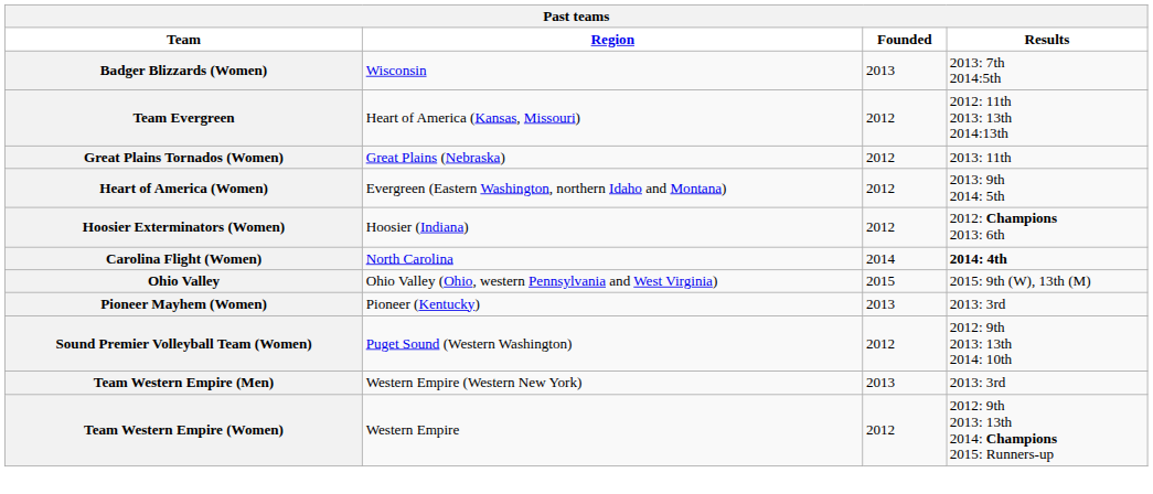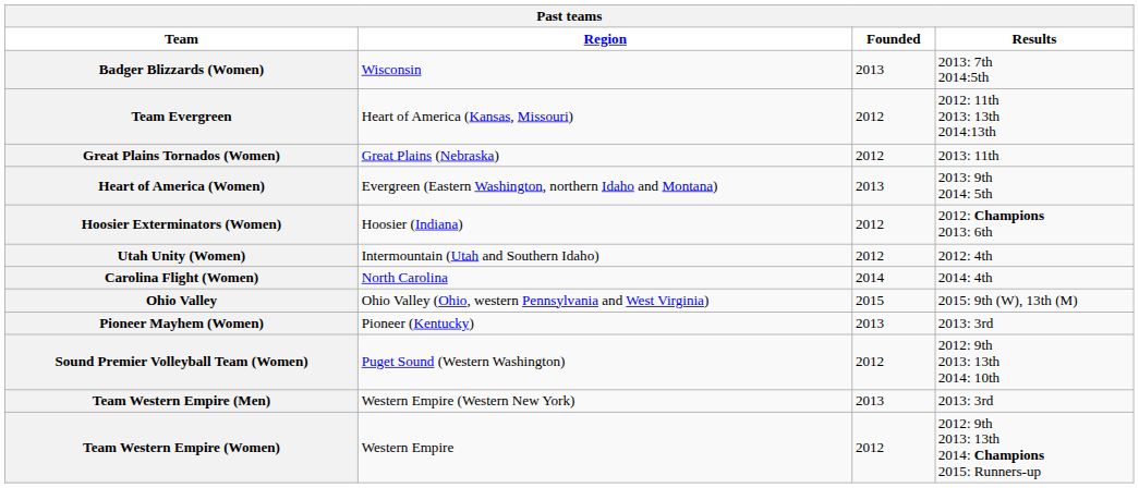 <table class="wikitable" style="width:100%">
 <tr>
 <th colspan=4><strong>Past teams</strong></th>
 </tr>
 <tr>
 <th style="background:white;">Team</th>
 <th style="background:white;"><a href='#'>Region</a></th>
 <th style="background:white;">Founded</th>
 <th style="background:white;">Results</th>
 </tr>
 <tr>
 <th>Badger Blizzards (Women)</th>
 <td><a href='#'>Wisconsin</a></td>
 <td>2013</td>
 <td>2013: 7th<br>2014:5th</td>
 </tr>
 <tr>
 <th>Team Evergreen</th>
 <td>Heart of America (<a href='#'>Kansas</a>, <a href='#'>Missouri</a>)</td>
 <td>2012</td>
 <td>2012: 11th<br>2013: 13th<br>2014:13th</td>
 </tr>
 <tr>
 <th>Great Plains Tornados (Women)</th>
 <td><a href='#'>Great Plains</a> (<a href='#'>Nebraska</a>)</td>
 <td>2012</td>
 <td>2013: 11th</td>
 </tr>
 <tr>
 <th>Heart of America (Women)</th>
 <td>Evergreen (Eastern <a href='#'>Washington</a>, northern <a href='#'>Idaho</a> and <a href='#'>Montana</a>)</td>
-<td>2012</td>
+<td>2013</td>
 <td>2013: 9th<br>2014: 5th</td>
 </tr>
 <tr>
 <th>Hoosier Exterminators (Women)</th>
 <td>Hoosier (<a href='#'>Indiana</a>)</td>
 <td>2012</td>
 <td>2012: <strong>Champions</strong><br>2013: 6th</td>
 </tr>
 <tr>
+<th>Utah Unity (Women)</th>
+<td>Intermountain (<a href='#'>Utah</a> and Southern Idaho)</td>
+<td>2012</td>
+<td>2012: 4th</td>
+</tr>
+<tr>
 <th>Carolina Flight (Women)</th>
 <td><a href='#'>North Carolina</a></td>
 <td>2014</td>
-<td><strong>2014: 4th</strong></td>
+<td>2014: 4th</td>
 </tr>
 <tr>
 <th>Ohio Valley</th>
 <td>Ohio Valley (<a href='#'>Ohio</a>, western <a href='#'>Pennsylvania</a> and <a href='#'>West Virginia</a>)</td>
 <td>2015</td>
 <td>2015: 9th (W), 13th (M)</td>
 </tr>
 <tr>
 <th>Pioneer Mayhem (Women)</th>
 <td>Pioneer (<a href='#'>Kentucky</a>)</td>
 <td>2013</td>
 <td>2013: 3rd</td>
 </tr>
 <tr>
 <th>Sound Premier Volleyball Team (Women)</th>
 <td><a href='#'>Puget Sound</a> (Western Washington)</td>
 <td>2012</td>
 <td>2012: 9th<br>2013: 13th<br>2014: 10th</td>
 </tr>
 <tr>
 <th>Team Western Empire (Men)</th>
 <td>Western Empire (Western New York)</td>
 <td>2013</td>
 <td>2013: 3rd</td>
 </tr>
 <tr>
 <th>Team Western Empire (Women)</th>
 <td>Western Empire</td>
 <td>2012</td>
 <td>2012: 9th<br>2013: 13th<br>2014: <strong>Champions</strong><br>2015: Runners-up</td>
 </tr>
 </table>
